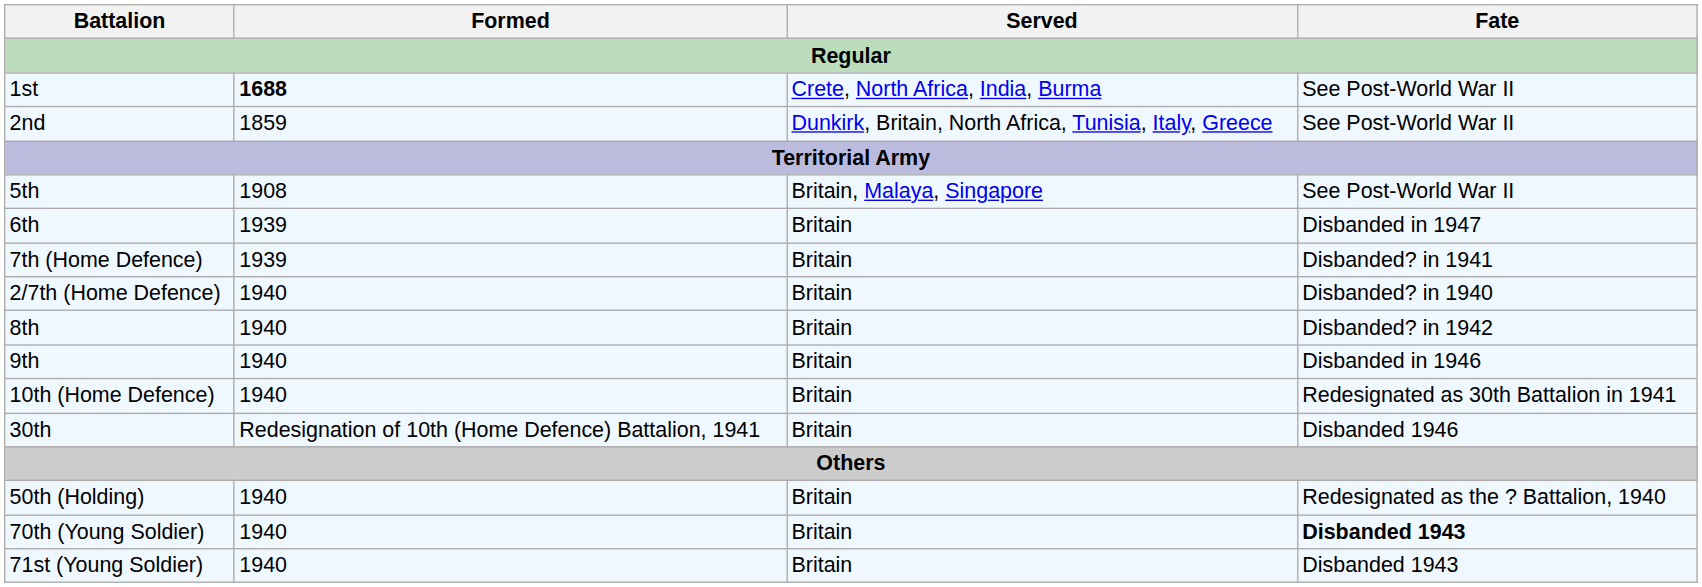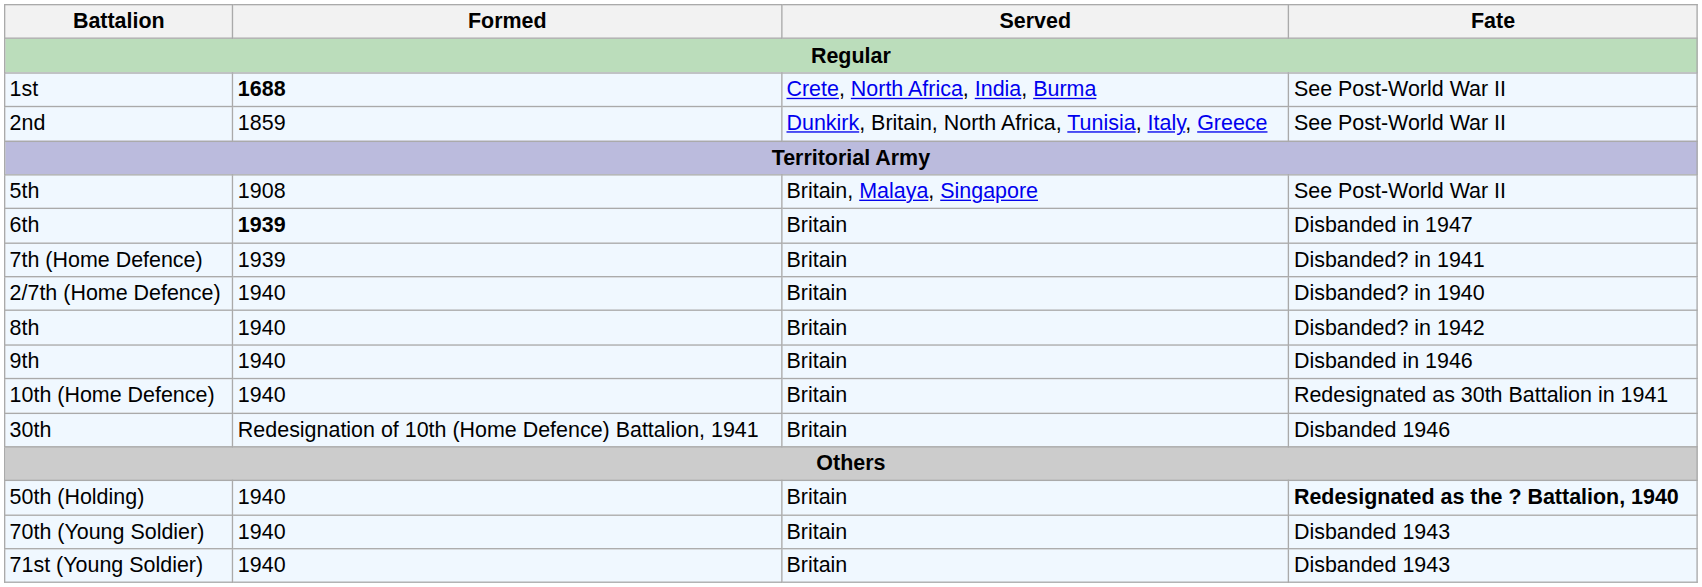 <table class="wikitable" style="width:100%;">
 <tr>
 <th>Battalion</th>
 <th>Formed</th>
 <th>Served</th>
 <th>Fate</th>
 </tr>
 <tr>
 <th colspan="5" style="background:#bdb;">Regular</th>
 </tr>
 <tr style="background:#f0f8ff;">
 <td>1st</td>
 <td><strong>1688</strong></td>
 <td><a href='#'>Crete</a>, <a href='#'>North Africa</a>, <a href='#'>India</a>, <a href='#'>Burma</a></td>
 <td>See Post-World War II</td>
 </tr>
 <tr style="background:#f0f8ff;">
 <td>2nd</td>
 <td>1859</td>
 <td><a href='#'>Dunkirk</a>, Britain, North Africa, <a href='#'>Tunisia</a>, <a href='#'>Italy</a>, <a href='#'>Greece</a></td>
 <td>See Post-World War II</td>
 </tr>
 <tr>
 <th colspan="5" style="background:#bbd;">Territorial Army</th>
 </tr>
 <tr style="background:#f0f8ff;">
 <td>5th</td>
 <td>1908</td>
 <td>Britain, <a href='#'>Malaya</a>, <a href='#'>Singapore</a></td>
 <td>See Post-World War II</td>
 </tr>
 <tr style="background:#f0f8ff;">
 <td>6th</td>
-<td>1939</td>
+<td><strong>1939</strong></td>
 <td>Britain</td>
 <td>Disbanded in 1947</td>
 </tr>
 <tr style="background:#f0f8ff;">
 <td>7th (Home Defence)</td>
 <td>1939</td>
 <td>Britain</td>
 <td>Disbanded? in 1941</td>
 </tr>
 <tr style="background:#f0f8ff;">
 <td>2/7th (Home Defence)</td>
 <td>1940</td>
 <td>Britain</td>
 <td>Disbanded? in 1940</td>
 </tr>
 <tr style="background:#f0f8ff;">
 <td>8th</td>
 <td>1940</td>
 <td>Britain</td>
 <td>Disbanded? in 1942</td>
 </tr>
 <tr style="background:#f0f8ff;">
 <td>9th</td>
 <td>1940</td>
 <td>Britain</td>
 <td>Disbanded in 1946</td>
 </tr>
 <tr style="background:#f0f8ff;">
 <td>10th (Home Defence)</td>
 <td>1940</td>
 <td>Britain</td>
 <td>Redesignated as 30th Battalion in 1941</td>
 </tr>
 <tr style="background:#f0f8ff;">
 <td>30th</td>
 <td>Redesignation of 10th (Home Defence) Battalion, 1941</td>
 <td>Britain</td>
 <td>Disbanded 1946</td>
 </tr>
 <tr>
 <th colspan="5" style="background:#ccc;">Others</th>
 </tr>
 <tr style="background:#f0f8ff;">
 <td>50th (Holding)</td>
 <td>1940</td>
 <td>Britain</td>
-<td>Redesignated as the ? Battalion, 1940</td>
+<td><strong>Redesignated as the ? Battalion, 1940</strong></td>
 </tr>
 <tr style="background:#f0f8ff;">
 <td>70th (Young Soldier)</td>
 <td>1940</td>
 <td>Britain</td>
-<td><strong>Disbanded 1943</strong></td>
+<td>Disbanded 1943</td>
 </tr>
 <tr style="background:#f0f8ff;">
 <td>71st (Young Soldier)</td>
 <td>1940</td>
 <td>Britain</td>
 <td>Disbanded 1943</td>
 </tr>
 </table>
